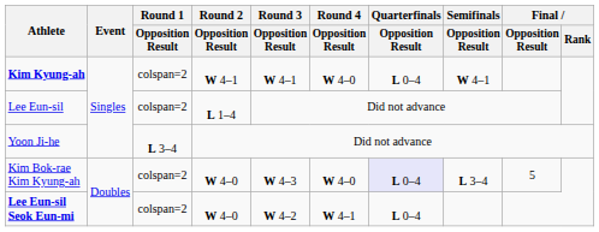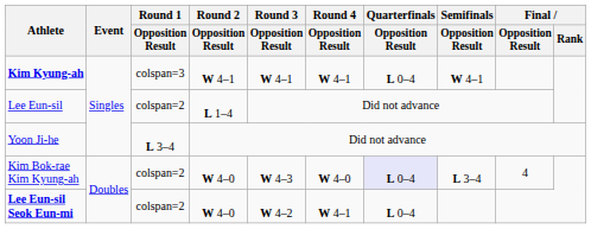 <table class="wikitable" style="font-size:90%">
 <tr>
 <th rowspan="2">Athlete</th>
 <th rowspan="2">Event</th>
 <th>Round 1</th>
 <th>Round 2</th>
 <th>Round 3</th>
 <th>Round 4</th>
 <th>Quarterfinals</th>
 <th>Semifinals</th>
 <th colspan=2>Final / </th>
 </tr>
 <tr style="font-size:95%">
 <th>Opposition<br>Result</th>
 <th>Opposition<br>Result</th>
 <th>Opposition<br>Result</th>
 <th>Opposition<br>Result</th>
 <th>Opposition<br>Result</th>
 <th>Opposition<br>Result</th>
 <th>Opposition<br>Result</th>
 <th>Rank</th>
 </tr>
 <tr align=center>
 <td align=left><strong><a href='#'>Kim Kyung-ah</a></strong></td>
 <td align=left rowspan=3><a href='#'>Singles</a></td>
-<td>colspan=2 </td>
+<td>colspan=3 </td>
 <td><br><strong>W</strong> 4–1</td>
 <td><br><strong>W</strong> 4–1</td>
-<td><br><strong>W</strong> 4–0</td>
+<td><br><strong>W</strong> 4–1</td>
 <td><br><strong>L</strong> 0–4</td>
 <td><br><strong>W</strong> 4–1</td>
 <td></td>
 </tr>
 <tr align=center>
 <td align=left><a href='#'>Lee Eun-sil</a></td>
 <td>colspan=2 </td>
 <td><br><strong>L</strong> 1–4</td>
 <td colspan=5>Did not advance</td>
 </tr>
 <tr align=center>
 <td align=left><a href='#'>Yoon Ji-he</a></td>
 <td><br><strong>L</strong> 3–4</td>
 <td colspan=7>Did not advance</td>
 </tr>
 <tr align=center>
 <td align=left><a href='#'>Kim Bok-rae</a><br><a href='#'>Kim Kyung-ah</a></td>
 <td align=left rowspan=2><a href='#'>Doubles</a></td>
 <td>colspan=2 </td>
 <td><br><strong>W</strong> 4–0</td>
 <td><br><strong>W</strong> 4–3</td>
 <td><br><strong>W</strong> 4–0</td>
 <td style="background: lavender;"><br><strong>L</strong> 0–4</td>
 <td><br><strong>L</strong> 3–4</td>
-<td>5</td>
+<td>4</td>
 </tr>
 <tr align=center>
 <td align=left><strong><a href='#'>Lee Eun-sil</a><br><a href='#'>Seok Eun-mi</a></strong></td>
 <td>colspan=2 </td>
 <td><br><strong>W</strong> 4–0</td>
 <td><br><strong>W</strong> 4–2</td>
 <td><br><strong>W</strong> 4–1</td>
 <td><br><strong>L</strong> 0–4</td>
 <td></td>
 </tr>
 </table>
